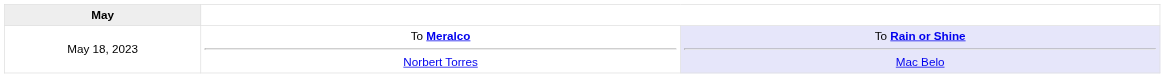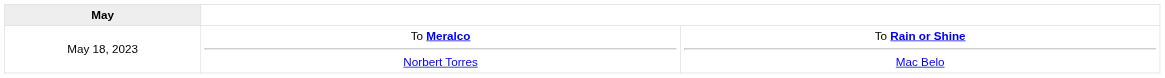 <table border=1 style="border-collapse:collapse; text-align: center; width: 100%" bordercolor="#DFDFDF"  cellpadding="5">
 <tr bgcolor="eeeeee">
 <th>May</th>
 </tr>
 <tr>
 <td style="width:12%">May 18, 2023</td>
 <td style="width:29.3%" valign="top">To <strong><a href='#'>Meralco</a></strong><hr><a href='#'>Norbert Torres</a></td>
-<td style="background: lavender; width:29.3%" valign="top">To <strong><a href='#'>Rain or Shine</a></strong><hr><a href='#'>Mac Belo</a></td>
+<td style="width:29.3%" valign="top">To <strong><a href='#'>Rain or Shine</a></strong><hr><a href='#'>Mac Belo</a></td>
 </tr>
 </table>
